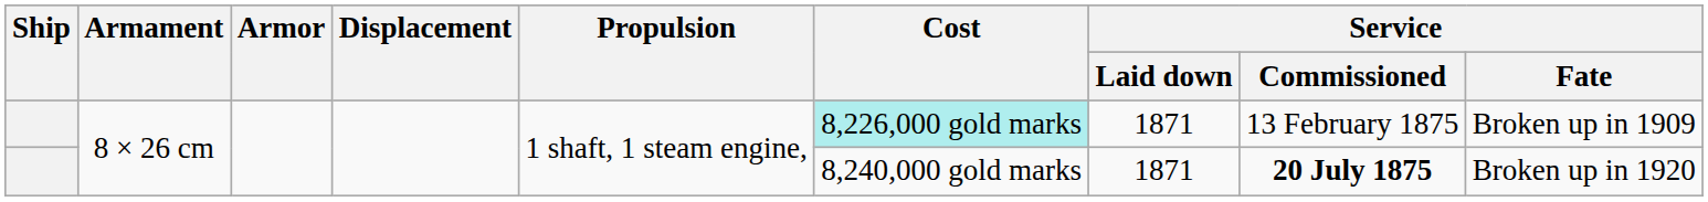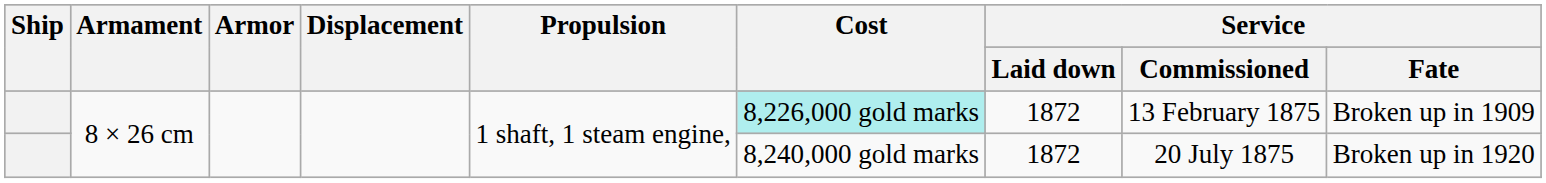 <table class="wikitable plainrowheaders" style="text-align: center">
 <tr valign="top">
 <th scope="col" rowspan="2">Ship</th>
 <th scope="col" rowspan="2">Armament</th>
 <th scope="col" rowspan="2">Armor</th>
 <th scope="col" rowspan="2">Displacement</th>
 <th scope="col" rowspan="2">Propulsion</th>
 <th scope="col" rowspan="2">Cost</th>
 <th scope="col" colspan="3">Service</th>
 </tr>
 <tr valign="top">
 <th scope="col">Laid down</th>
 <th scope="col">Commissioned</th>
 <th scope="col">Fate</th>
 </tr>
 <tr valign="center">
 <th scope="row"></th>
 <td rowspan="2">8 × 26 cm</td>
 <td rowspan="2"></td>
 <td rowspan="2"></td>
 <td rowspan="2">1 shaft, 1 steam engine, </td>
 <td style="background: paleturquoise;">8,226,000 gold marks</td>
-<td>1871</td>
+<td>1872</td>
 <td>13 February 1875</td>
 <td style="text-align: left;">Broken up in 1909</td>
 </tr>
 <tr valign="top">
 <th scope="row"></th>
 <td>8,240,000 gold marks</td>
-<td>1871</td>
-<td><strong>20 July 1875</strong></td>
+<td>1872</td>
+<td>20 July 1875</td>
 <td style="text-align: left;">Broken up in 1920</td>
 </tr>
 </table>
